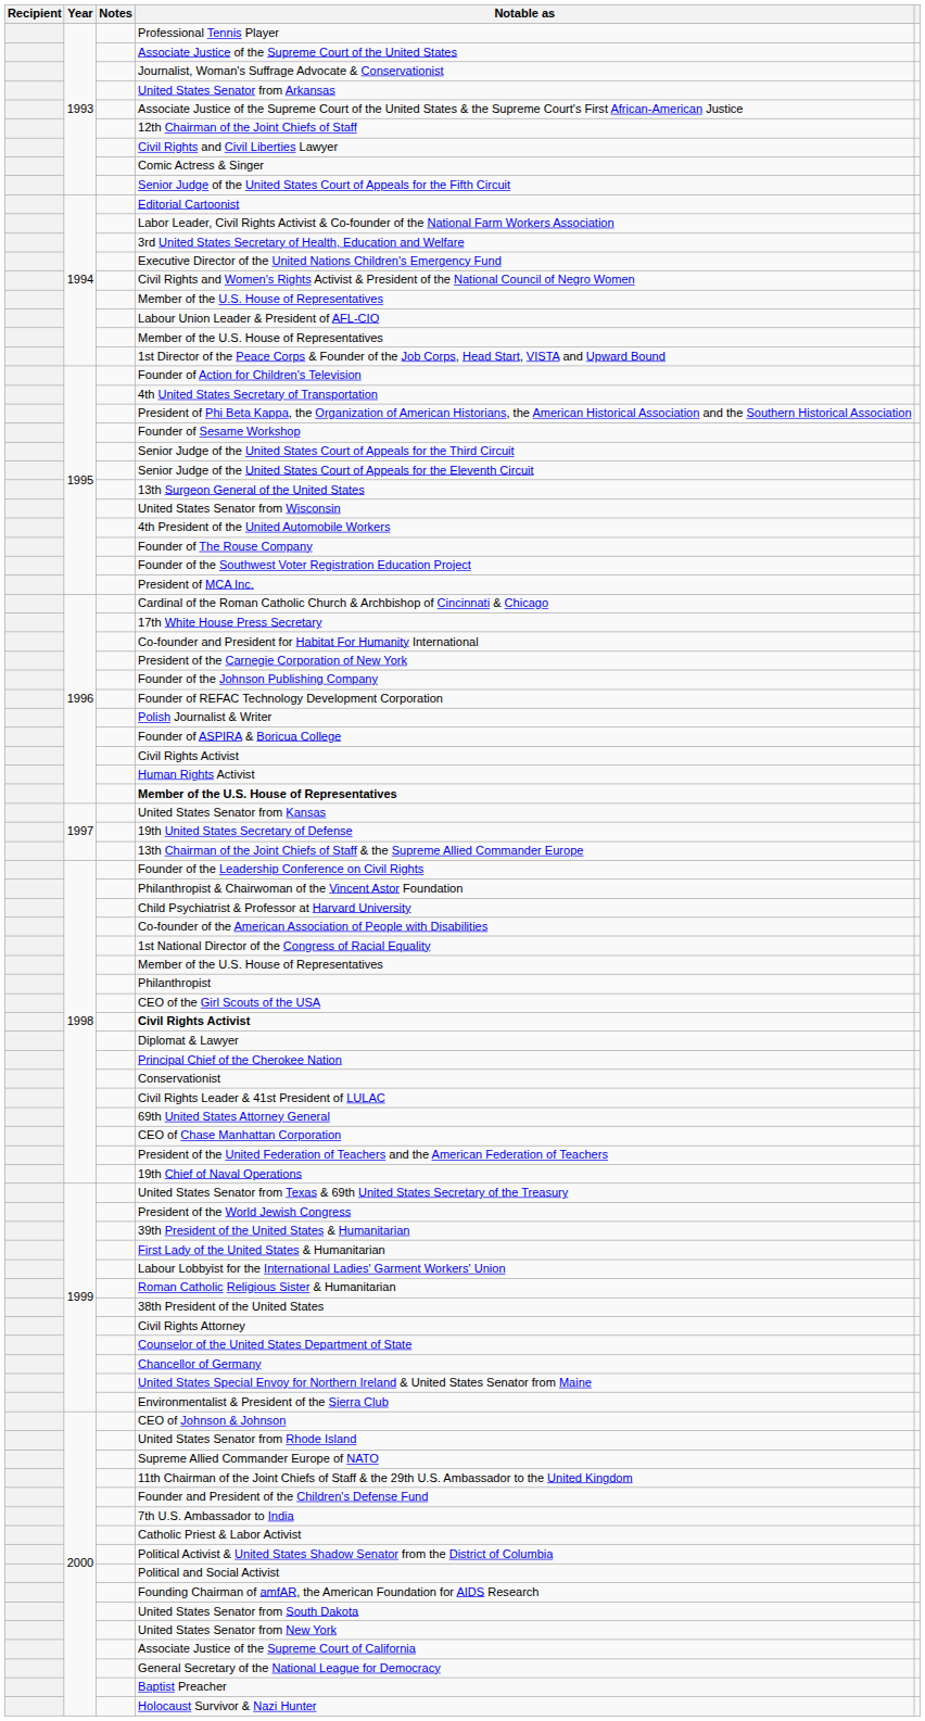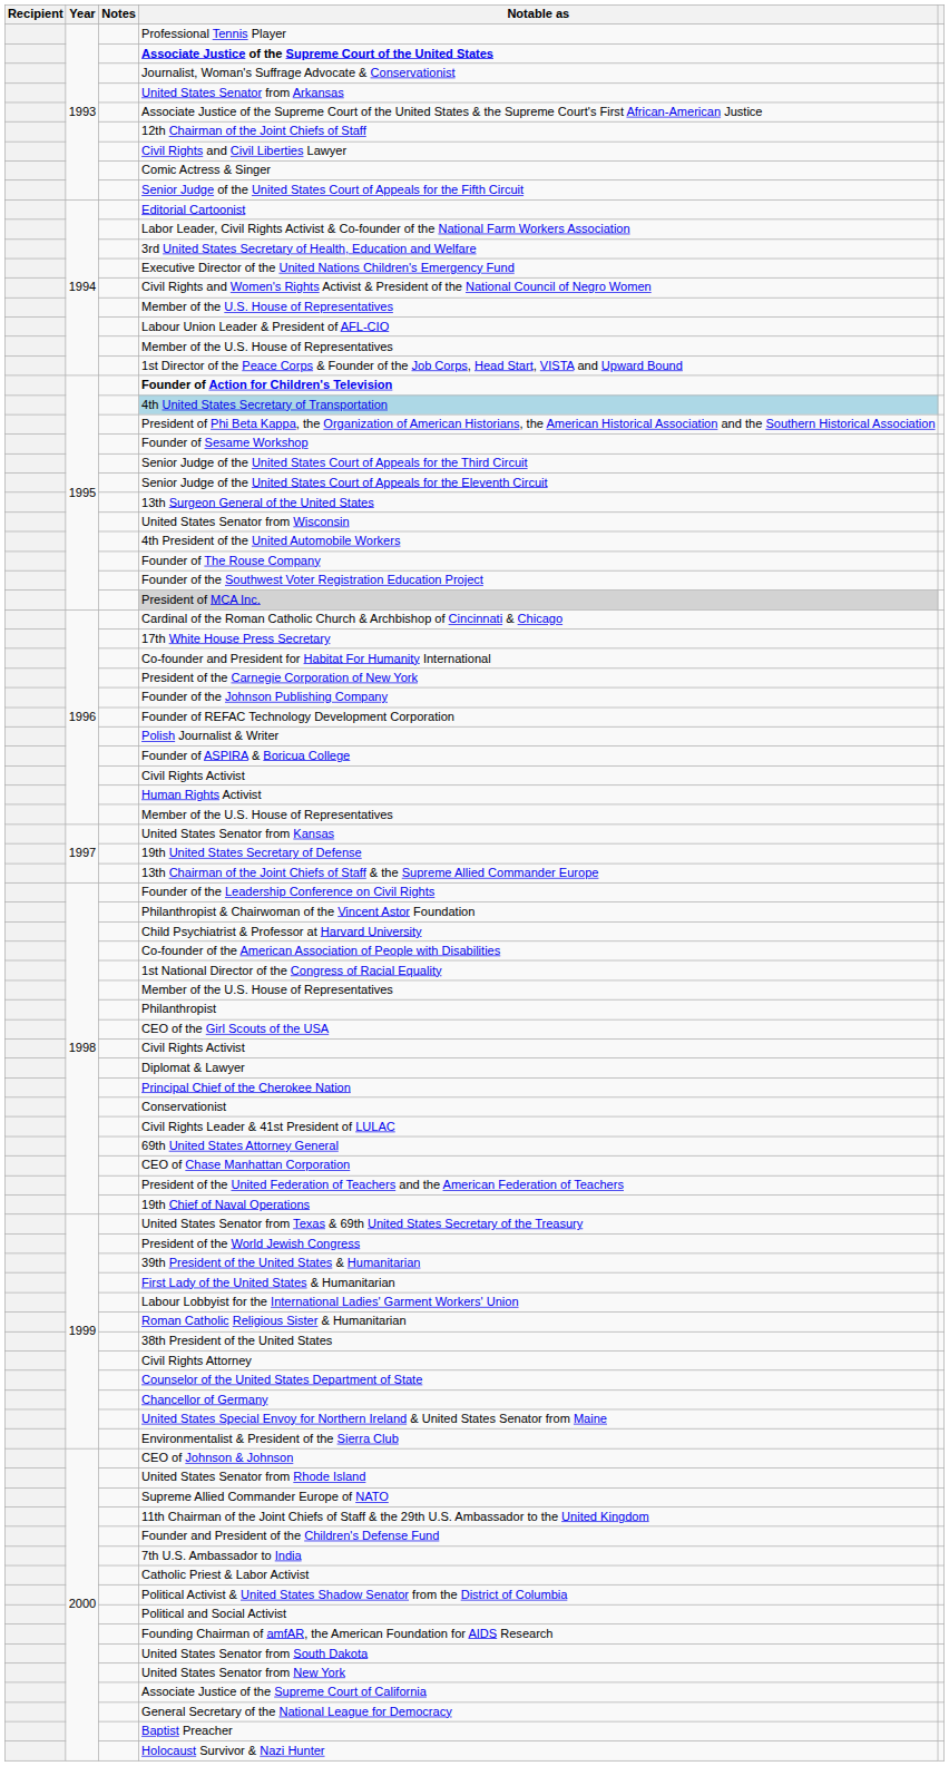 <table class="wikitable sortable plainrowheaders">
 <tr>
 <th>Recipient</th>
 <th>Year</th>
 <th>Notes</th>
 <th>Notable as</th>
 <th class="unsortable"></th>
 </tr>
 <tr>
 <th scope="row"></th>
 <td rowspan="9">1993</td>
 <td></td>
 <td>Professional <a href='#'>Tennis</a> Player</td>
 <td></td>
 </tr>
 <tr>
 <th scope="row"></th>
 <td></td>
-<td><a href='#'>Associate Justice</a> of the <a href='#'>Supreme Court of the United States</a></td>
+<td><strong><a href='#'>Associate Justice</a> of the <a href='#'>Supreme Court of the United States</a></strong></td>
 <td></td>
 </tr>
 <tr>
 <th scope="row"></th>
 <td></td>
 <td>Journalist, Woman's Suffrage Advocate & <a href='#'>Conservationist</a></td>
 <td></td>
 </tr>
 <tr>
 <th scope="row"></th>
 <td></td>
 <td><a href='#'>United States Senator</a> from <a href='#'>Arkansas</a></td>
 <td></td>
 </tr>
 <tr>
 <th scope="row"></th>
 <td></td>
 <td>Associate Justice of the Supreme Court of the United States & the Supreme Court's First <a href='#'>African-American</a> Justice</td>
 <td></td>
 </tr>
 <tr>
 <th scope="row"></th>
 <td></td>
 <td>12th <a href='#'>Chairman of the Joint Chiefs of Staff</a></td>
 <td></td>
 </tr>
 <tr>
 <th scope="row"></th>
 <td></td>
 <td><a href='#'>Civil Rights</a> and <a href='#'>Civil Liberties</a> Lawyer</td>
 <td></td>
 </tr>
 <tr>
 <th scope="row"></th>
 <td></td>
 <td>Comic Actress & Singer</td>
 <td></td>
 </tr>
 <tr>
 <th scope="row"></th>
 <td></td>
 <td><a href='#'>Senior Judge</a> of the <a href='#'>United States Court of Appeals for the Fifth Circuit</a></td>
 <td></td>
 </tr>
 <tr>
 <th scope="row"></th>
 <td rowspan="9">1994</td>
 <td></td>
 <td><a href='#'>Editorial Cartoonist</a></td>
 <td></td>
 </tr>
 <tr>
 <th scope="row"></th>
 <td></td>
 <td>Labor Leader, Civil Rights Activist & Co-founder of the <a href='#'>National Farm Workers Association</a></td>
 <td></td>
 </tr>
 <tr>
 <th scope="row"></th>
 <td></td>
 <td>3rd <a href='#'>United States Secretary of Health, Education and Welfare</a></td>
 <td></td>
 </tr>
 <tr>
 <th scope="row"></th>
 <td></td>
 <td>Executive Director of the <a href='#'>United Nations Children's Emergency Fund</a></td>
 <td></td>
 </tr>
 <tr>
 <th scope="row"></th>
 <td></td>
 <td>Civil Rights and <a href='#'>Women's Rights</a> Activist & President of the <a href='#'>National Council of Negro Women</a></td>
 <td></td>
 </tr>
 <tr>
 <th scope="row"></th>
 <td></td>
 <td>Member of the <a href='#'>U.S. House of Representatives</a></td>
 <td></td>
 </tr>
 <tr>
 <th scope="row"></th>
 <td></td>
 <td>Labour Union Leader & President of <a href='#'>AFL-CIO</a></td>
 <td></td>
 </tr>
 <tr>
 <th scope="row"></th>
 <td></td>
 <td>Member of the U.S. House of Representatives</td>
 <td></td>
 </tr>
 <tr>
 <th scope="row"></th>
 <td></td>
 <td>1st Director of the <a href='#'>Peace Corps</a> & Founder of the <a href='#'>Job Corps</a>, <a href='#'>Head Start</a>, <a href='#'>VISTA</a> and <a href='#'>Upward Bound</a></td>
 <td></td>
 </tr>
 <tr>
 <th scope="row"></th>
 <td rowspan="12">1995</td>
 <td></td>
-<td>Founder of <a href='#'>Action for Children's Television</a></td>
+<td><strong>Founder of <a href='#'>Action for Children's Television</a></strong></td>
 <td></td>
 </tr>
 <tr>
 <th scope="row"></th>
 <td></td>
-<td>4th <a href='#'>United States Secretary of Transportation</a></td>
+<td style="background: lightblue;">4th <a href='#'>United States Secretary of Transportation</a></td>
 <td></td>
 </tr>
 <tr>
 <th scope="row"></th>
 <td></td>
 <td>President of <a href='#'>Phi Beta Kappa</a>, the <a href='#'>Organization of American Historians</a>, the <a href='#'>American Historical Association</a> and the <a href='#'>Southern Historical Association</a></td>
 <td></td>
 </tr>
 <tr>
 <th scope="row"></th>
 <td></td>
 <td>Founder of <a href='#'>Sesame Workshop</a></td>
 <td></td>
 </tr>
 <tr>
 <th scope="row"></th>
 <td></td>
 <td>Senior Judge of the <a href='#'>United States Court of Appeals for the Third Circuit</a></td>
 <td></td>
 </tr>
 <tr>
 <th scope="row"></th>
 <td></td>
 <td>Senior Judge of the <a href='#'>United States Court of Appeals for the Eleventh Circuit</a></td>
 <td></td>
 </tr>
 <tr>
 <th scope="row"></th>
 <td></td>
 <td>13th <a href='#'>Surgeon General of the United States</a></td>
 <td></td>
 </tr>
 <tr>
 <th scope="row"></th>
 <td></td>
 <td>United States Senator from <a href='#'>Wisconsin</a></td>
 <td></td>
 </tr>
 <tr>
 <th scope="row"></th>
 <td></td>
 <td>4th President of the <a href='#'>United Automobile Workers</a></td>
 <td></td>
 </tr>
 <tr>
 <th scope="row"></th>
 <td></td>
 <td>Founder of <a href='#'>The Rouse Company</a></td>
 <td></td>
 </tr>
 <tr>
 <th scope="row"></th>
 <td></td>
 <td>Founder of the <a href='#'>Southwest Voter Registration Education Project</a></td>
 <td></td>
 </tr>
 <tr>
 <th scope="row"></th>
 <td></td>
-<td>President of <a href='#'>MCA Inc.</a></td>
+<td style="background: lightgrey;">President of <a href='#'>MCA Inc.</a></td>
 <td></td>
 </tr>
 <tr>
 <th scope="row"></th>
 <td rowspan="11">1996</td>
 <td></td>
 <td>Cardinal of the Roman Catholic Church & Archbishop of <a href='#'>Cincinnati</a> & <a href='#'>Chicago</a></td>
 <td></td>
 </tr>
 <tr>
 <th scope="row"></th>
 <td></td>
 <td>17th <a href='#'>White House Press Secretary</a></td>
 <td></td>
 </tr>
 <tr>
 <th scope="row"></th>
 <td></td>
 <td>Co-founder and President for <a href='#'>Habitat For Humanity</a> International</td>
 <td></td>
 </tr>
 <tr>
 <th scope="row"></th>
 <td></td>
 <td>President of the <a href='#'>Carnegie Corporation of New York</a></td>
 <td></td>
 </tr>
 <tr>
 <th scope="row"></th>
 <td></td>
 <td>Founder of the <a href='#'>Johnson Publishing Company</a></td>
 <td></td>
 </tr>
 <tr>
 <th scope="row"></th>
 <td></td>
 <td>Founder of REFAC Technology Development Corporation</td>
 <td></td>
 </tr>
 <tr>
 <th scope="row"></th>
 <td></td>
 <td><a href='#'>Polish</a> Journalist & Writer</td>
 <td></td>
 </tr>
 <tr>
 <th scope="row"></th>
 <td></td>
 <td>Founder of <a href='#'>ASPIRA</a> & <a href='#'>Boricua College</a></td>
 <td></td>
 </tr>
 <tr>
 <th scope="row"></th>
 <td></td>
 <td>Civil Rights Activist</td>
 <td></td>
 </tr>
 <tr>
 <th scope="row"></th>
 <td></td>
 <td><a href='#'>Human Rights</a> Activist</td>
 <td></td>
 </tr>
 <tr>
 <th scope="row"></th>
 <td></td>
-<td><strong>Member of the U.S. House of Representatives</strong></td>
+<td>Member of the U.S. House of Representatives</td>
 <td></td>
 </tr>
 <tr>
 <th scope="row"></th>
 <td rowspan="3">1997</td>
 <td></td>
 <td>United States Senator from <a href='#'>Kansas</a></td>
 <td></td>
 </tr>
 <tr>
 <th scope="row"></th>
 <td></td>
 <td>19th <a href='#'>United States Secretary of Defense</a></td>
 <td></td>
 </tr>
 <tr>
 <th scope="row"></th>
 <td></td>
 <td>13th <a href='#'>Chairman of the Joint Chiefs of Staff</a> & the <a href='#'>Supreme Allied Commander Europe</a></td>
 <td></td>
 </tr>
 <tr>
 <th scope="row"></th>
 <td rowspan="17">1998</td>
 <td></td>
 <td>Founder of the <a href='#'>Leadership Conference on Civil Rights</a></td>
 <td></td>
 </tr>
 <tr>
 <th scope="row"></th>
 <td></td>
 <td>Philanthropist & Chairwoman of the <a href='#'>Vincent Astor</a> Foundation</td>
 <td></td>
 </tr>
 <tr>
 <th scope="row"></th>
 <td></td>
 <td>Child Psychiatrist & Professor at <a href='#'>Harvard University</a></td>
 <td></td>
 </tr>
 <tr>
 <th scope="row"></th>
 <td></td>
 <td>Co-founder of the <a href='#'>American Association of People with Disabilities</a></td>
 <td></td>
 </tr>
 <tr>
 <th scope="row"></th>
 <td></td>
 <td>1st National Director of the <a href='#'>Congress of Racial Equality</a></td>
 <td></td>
 </tr>
 <tr>
 <th scope="row"></th>
 <td></td>
 <td>Member of the U.S. House of Representatives</td>
 <td></td>
 </tr>
 <tr>
 <th scope="row"></th>
 <td></td>
 <td>Philanthropist</td>
 <td></td>
 </tr>
 <tr>
 <th scope="row"></th>
 <td></td>
 <td>CEO of the <a href='#'>Girl Scouts of the USA</a></td>
 <td></td>
 </tr>
 <tr>
 <th scope="row"></th>
 <td></td>
-<td><strong>Civil Rights Activist</strong></td>
+<td>Civil Rights Activist</td>
 <td></td>
 </tr>
 <tr>
 <th scope="row"></th>
 <td></td>
 <td>Diplomat & Lawyer</td>
 <td></td>
 </tr>
 <tr>
 <th scope="row"></th>
 <td></td>
 <td><a href='#'>Principal Chief of the Cherokee Nation</a></td>
 <td></td>
 </tr>
 <tr>
 <th scope="row"></th>
 <td></td>
 <td>Conservationist</td>
 <td></td>
 </tr>
 <tr>
 <th scope="row"></th>
 <td></td>
 <td>Civil Rights Leader & 41st President of <a href='#'>LULAC</a></td>
 <td></td>
 </tr>
 <tr>
 <th scope="row"></th>
 <td></td>
 <td>69th <a href='#'>United States Attorney General</a></td>
 <td></td>
 </tr>
 <tr>
 <th scope="row"></th>
 <td></td>
 <td>CEO of <a href='#'>Chase Manhattan Corporation</a></td>
 <td></td>
 </tr>
 <tr>
 <th scope="row"></th>
 <td></td>
 <td>President of the <a href='#'>United Federation of Teachers</a> and the <a href='#'>American Federation of Teachers</a></td>
 <td></td>
 </tr>
 <tr>
 <th scope="row"></th>
 <td></td>
 <td>19th <a href='#'>Chief of Naval Operations</a></td>
 <td></td>
 </tr>
 <tr>
 <th scope="row"></th>
 <td rowspan="12">1999</td>
 <td></td>
 <td>United States Senator from <a href='#'>Texas</a> & 69th <a href='#'>United States Secretary of the Treasury</a></td>
 <td></td>
 </tr>
 <tr>
 <th scope="row"></th>
 <td></td>
 <td>President of the <a href='#'>World Jewish Congress</a></td>
 <td></td>
 </tr>
 <tr>
 <th scope="row"></th>
 <td></td>
 <td>39th <a href='#'>President of the United States</a> & <a href='#'>Humanitarian</a></td>
 <td></td>
 </tr>
 <tr>
 <th scope="row"></th>
 <td></td>
 <td><a href='#'>First Lady of the United States</a> & Humanitarian</td>
 <td></td>
 </tr>
 <tr>
 <th scope="row"></th>
 <td></td>
 <td>Labour Lobbyist for the <a href='#'>International Ladies' Garment Workers' Union</a></td>
 <td></td>
 </tr>
 <tr>
 <th scope="row"></th>
 <td></td>
 <td><a href='#'>Roman Catholic</a> <a href='#'>Religious Sister</a> & Humanitarian</td>
 <td></td>
 </tr>
 <tr>
 <th scope="row"></th>
 <td></td>
 <td>38th President of the United States</td>
 <td></td>
 </tr>
 <tr>
 <th scope="row"></th>
 <td></td>
 <td>Civil Rights Attorney</td>
 <td></td>
 </tr>
 <tr>
 <th scope="row"></th>
 <td></td>
 <td><a href='#'>Counselor of the United States Department of State</a></td>
 <td></td>
 </tr>
 <tr>
 <th scope="row"></th>
 <td></td>
 <td><a href='#'>Chancellor of Germany</a></td>
 <td></td>
 </tr>
 <tr>
 <th scope="row"></th>
 <td></td>
 <td><a href='#'>United States Special Envoy for Northern Ireland</a> & United States Senator from <a href='#'>Maine</a></td>
 <td></td>
 </tr>
 <tr>
 <th scope="row"></th>
 <td></td>
 <td>Environmentalist & President of the <a href='#'>Sierra Club</a></td>
 <td></td>
 </tr>
 <tr>
 <th scope="row"></th>
 <td rowspan="16">2000</td>
 <td></td>
 <td>CEO of <a href='#'>Johnson & Johnson</a></td>
 <td></td>
 </tr>
 <tr>
 <th scope="row"></th>
 <td></td>
 <td>United States Senator from <a href='#'>Rhode Island</a></td>
 <td></td>
 </tr>
 <tr>
 <th scope="row"></th>
 <td></td>
 <td>Supreme Allied Commander Europe of <a href='#'>NATO</a></td>
 <td></td>
 </tr>
 <tr>
 <th scope="row"></th>
 <td></td>
 <td>11th Chairman of the Joint Chiefs of Staff & the 29th U.S. Ambassador to the <a href='#'>United Kingdom</a></td>
 <td></td>
 </tr>
 <tr>
 <th scope="row"></th>
 <td></td>
 <td>Founder and President of the <a href='#'>Children's Defense Fund</a></td>
 <td></td>
 </tr>
 <tr>
 <th scope="row"></th>
 <td></td>
 <td>7th U.S. Ambassador to <a href='#'>India</a></td>
 <td></td>
 </tr>
 <tr>
 <th scope="row"></th>
 <td></td>
 <td>Catholic Priest & Labor Activist</td>
 <td></td>
 </tr>
 <tr>
 <th scope="row"></th>
 <td></td>
 <td>Political Activist & <a href='#'>United States Shadow Senator</a> from the <a href='#'>District of Columbia</a></td>
 <td></td>
 </tr>
 <tr>
 <th scope="row"></th>
 <td></td>
 <td>Political and Social Activist</td>
 <td></td>
 </tr>
 <tr>
 <th scope="row"></th>
 <td></td>
 <td>Founding Chairman of <a href='#'>amfAR</a>, the American Foundation for <a href='#'>AIDS</a> Research</td>
 <td></td>
 </tr>
 <tr>
 <th scope="row"></th>
 <td></td>
 <td>United States Senator from <a href='#'>South Dakota</a></td>
 <td></td>
 </tr>
 <tr>
 <th scope="row"></th>
 <td></td>
 <td>United States Senator from <a href='#'>New York</a></td>
 <td></td>
 </tr>
 <tr>
 <th scope="row"></th>
 <td></td>
 <td>Associate Justice of the <a href='#'>Supreme Court of California</a></td>
 <td></td>
 </tr>
 <tr>
 <th scope="row"></th>
 <td></td>
 <td>General Secretary of the <a href='#'>National League for Democracy</a></td>
 <td></td>
 </tr>
 <tr>
 <th scope="row"></th>
 <td></td>
 <td><a href='#'>Baptist</a> Preacher</td>
 <td></td>
 </tr>
 <tr>
 <th scope="row"></th>
 <td></td>
 <td><a href='#'>Holocaust</a> Survivor & <a href='#'>Nazi Hunter</a></td>
 <td></td>
 </tr>
 </table>
